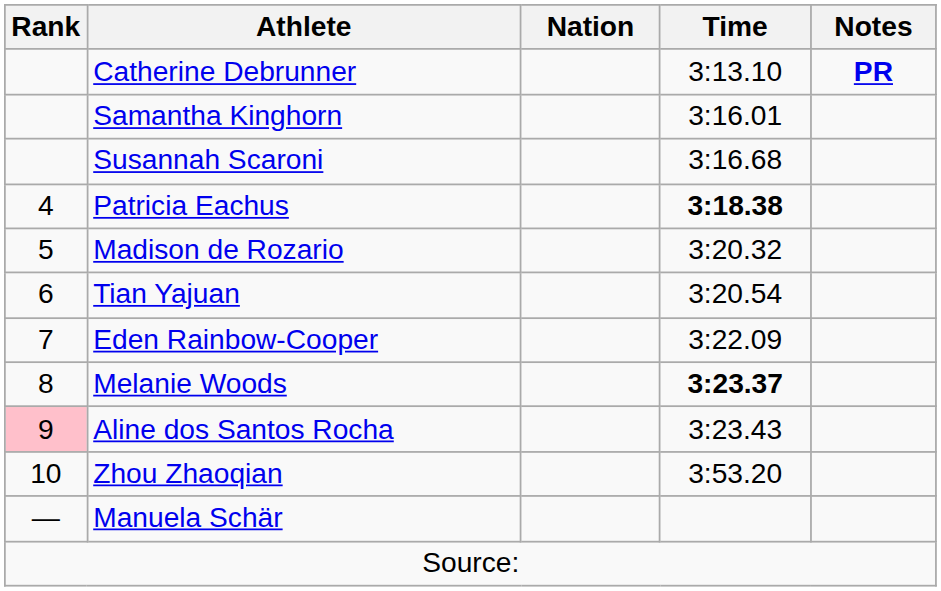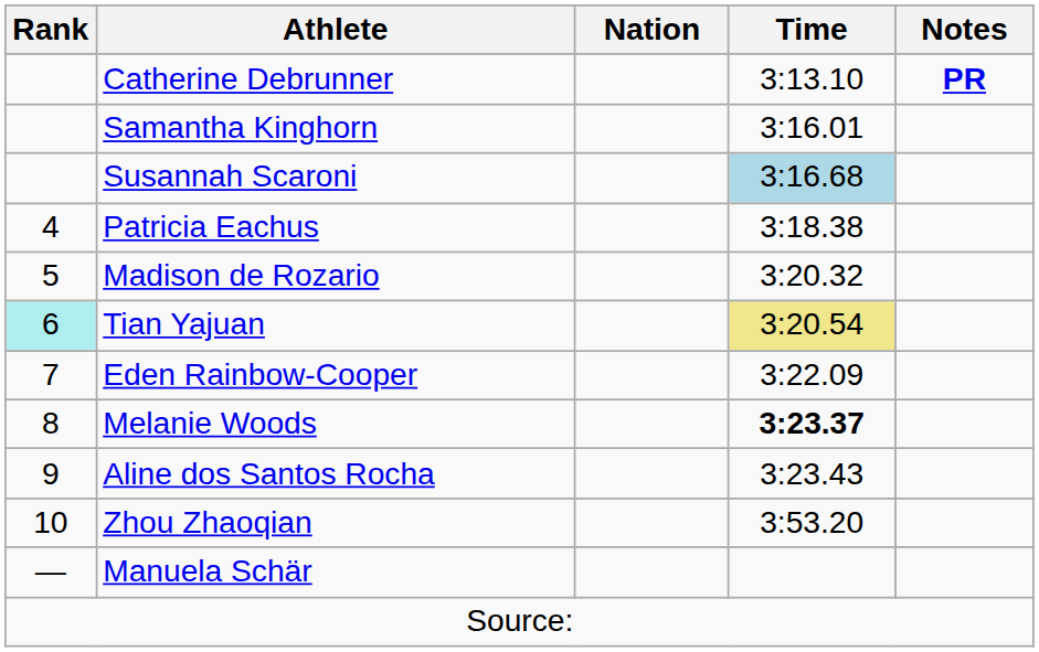 <table class="wikitable sortable" style="text-align:center;width: 60%;">
 <tr>
 <th scope="col" style="width: 10px;">Rank</th>
 <th scope="col">Athlete</th>
 <th scope="col">Nation</th>
 <th scope="col">Time</th>
 <th scope="col">Notes</th>
 </tr>
 <tr>
 <td></td>
 <td align=left><a href='#'>Catherine Debrunner</a></td>
 <td align=left></td>
 <td>3:13.10</td>
 <td><strong><a href='#'>PR</a></strong></td>
 </tr>
 <tr>
 <td></td>
 <td align=left><a href='#'>Samantha Kinghorn</a></td>
 <td align=left></td>
 <td>3:16.01</td>
 <td></td>
 </tr>
 <tr>
 <td></td>
 <td align=left><a href='#'>Susannah Scaroni</a></td>
 <td align=left></td>
-<td>3:16.68</td>
+<td style="background: lightblue;">3:16.68</td>
 <td></td>
 </tr>
 <tr>
 <td>4</td>
 <td align=left><a href='#'>Patricia Eachus</a></td>
 <td align=left></td>
-<td><strong>3:18.38</strong></td>
+<td>3:18.38</td>
 <td></td>
 </tr>
 <tr>
 <td>5</td>
 <td align=left><a href='#'>Madison de Rozario</a></td>
 <td align=left></td>
 <td>3:20.32</td>
 <td></td>
 </tr>
 <tr>
-<td>6</td>
+<td style="background: paleturquoise;">6</td>
 <td align=left><a href='#'>Tian Yajuan</a></td>
 <td align=left></td>
-<td>3:20.54</td>
+<td style="background: khaki;">3:20.54</td>
 <td></td>
 </tr>
 <tr>
 <td>7</td>
 <td align=left><a href='#'>Eden Rainbow-Cooper</a></td>
 <td align=left></td>
 <td>3:22.09</td>
 <td></td>
 </tr>
 <tr>
 <td>8</td>
 <td align=left><a href='#'>Melanie Woods</a></td>
 <td align=left></td>
 <td><strong>3:23.37</strong></td>
 <td></td>
 </tr>
 <tr>
-<td style="background: pink;">9</td>
+<td>9</td>
 <td align=left><a href='#'>Aline dos Santos Rocha</a></td>
 <td align=left></td>
 <td>3:23.43</td>
 <td></td>
 </tr>
 <tr>
 <td>10</td>
 <td align=left><a href='#'>Zhou Zhaoqian</a></td>
 <td align=left></td>
 <td>3:53.20</td>
 <td></td>
 </tr>
 <tr>
 <td>—</td>
 <td align=left><a href='#'>Manuela Schär</a></td>
 <td align=left></td>
 <td></td>
 <td></td>
 </tr>
 <tr class="sortbottom">
 <td colspan="5">Source:</td>
 </tr>
 </table>
